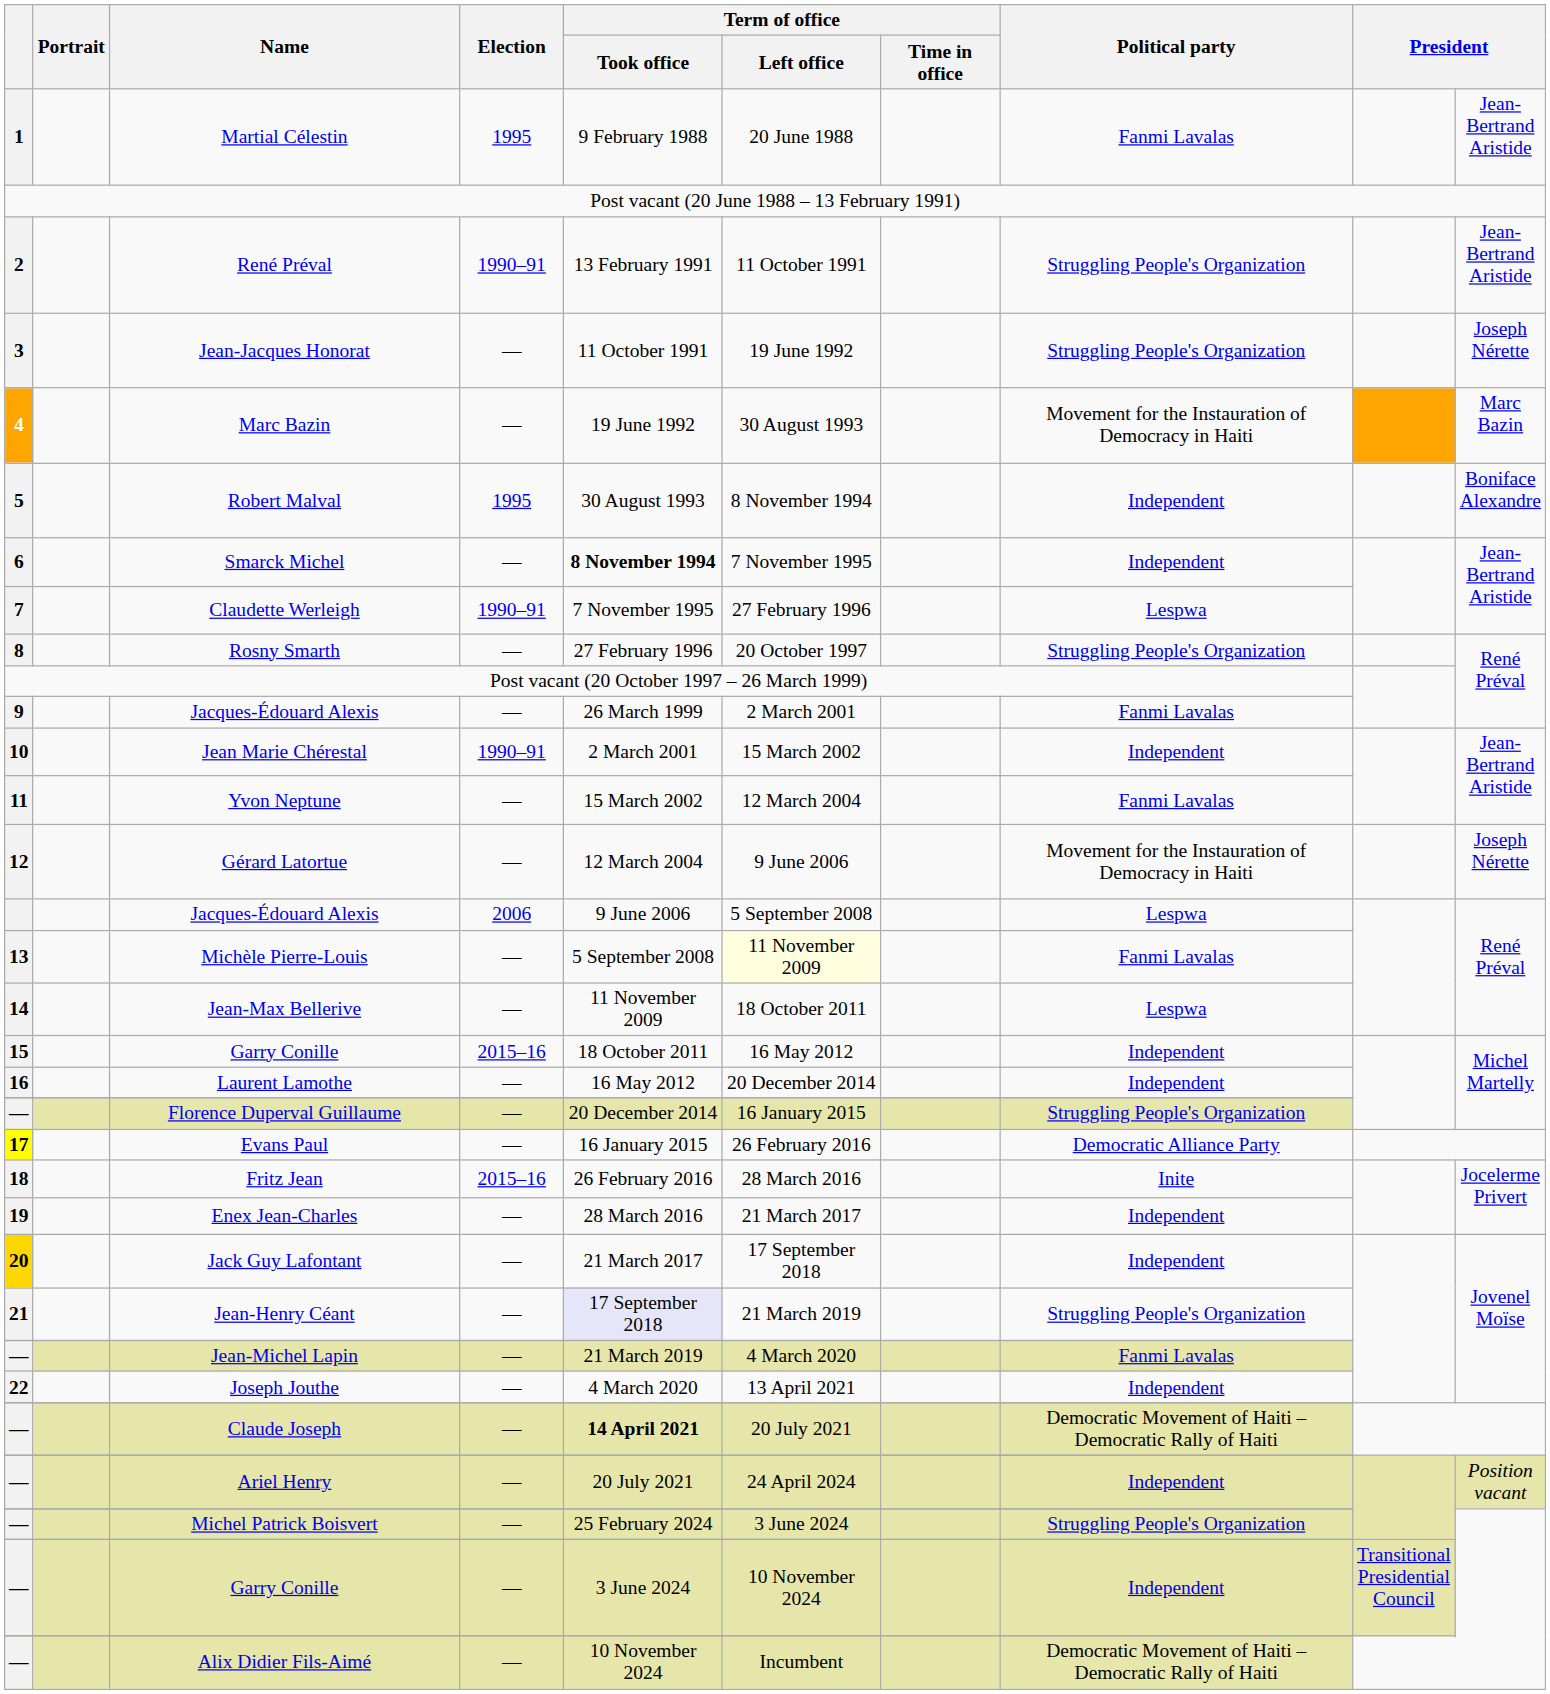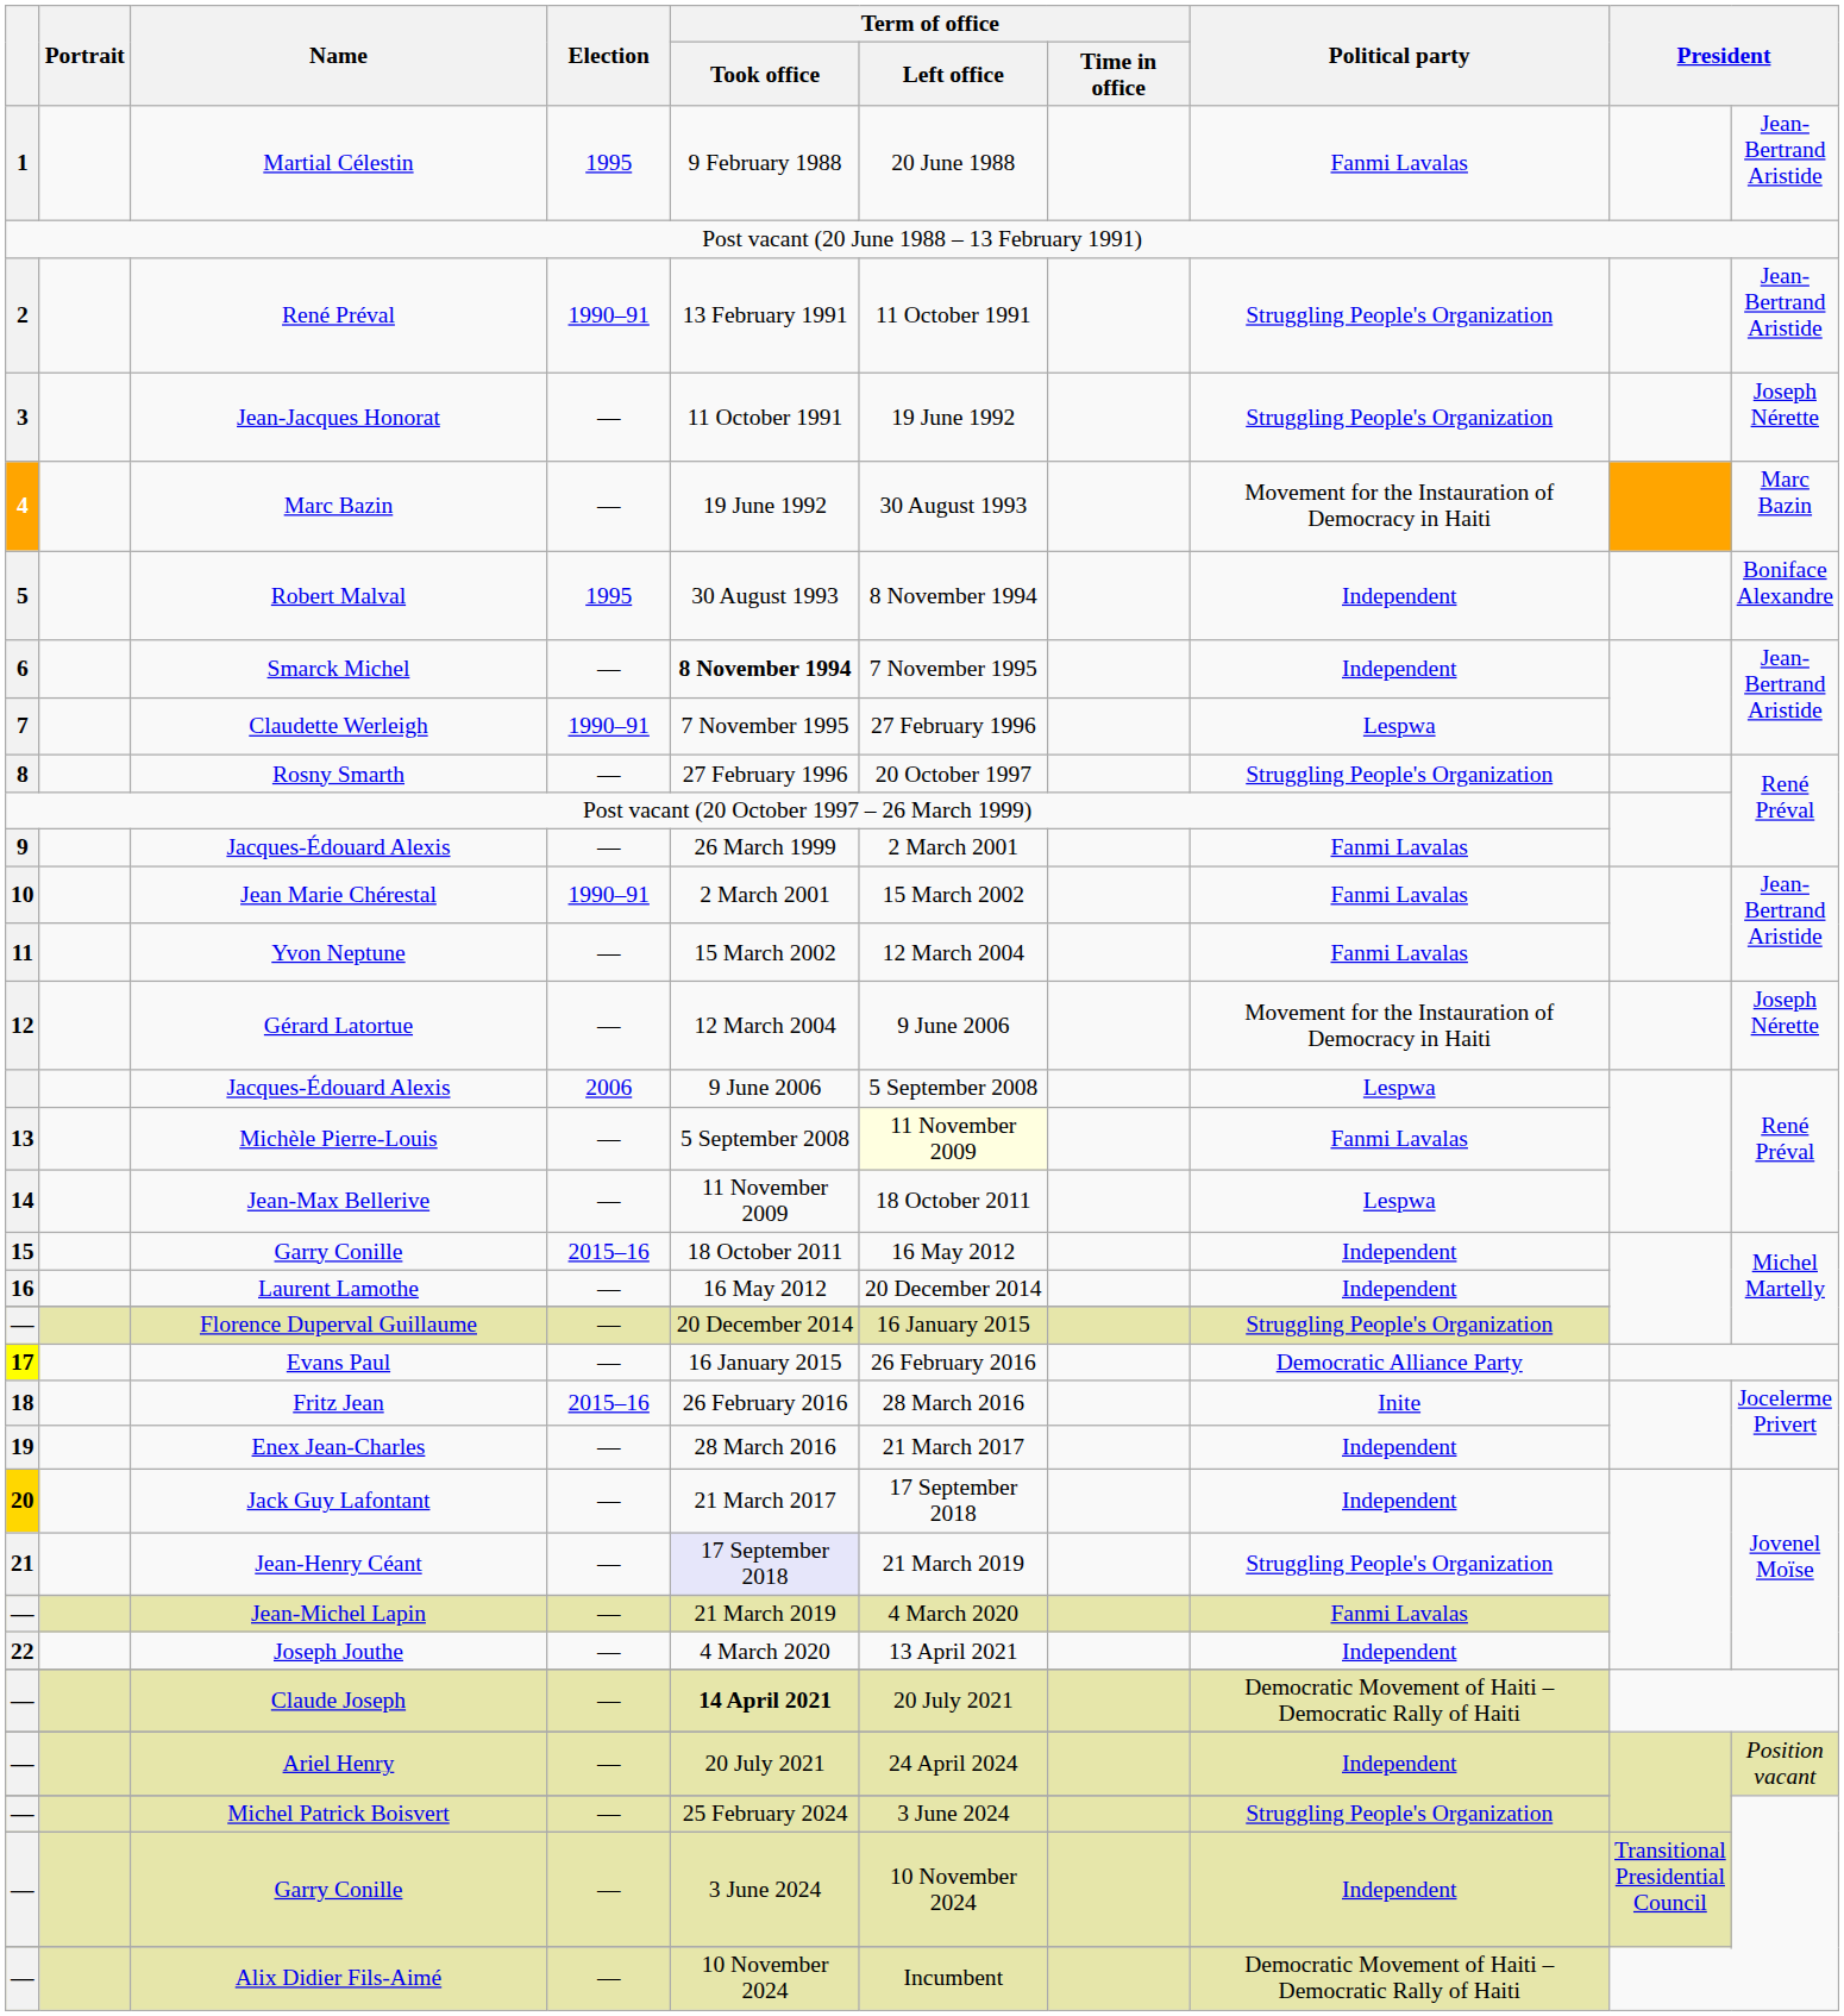 <table class="wikitable" style="width:100%; text-align:center;">
 <tr>
 <th rowspan="2" width="30"></th>
 <th rowspan="2" width="100">Portrait</th>
 <th rowspan="2" width="25%">Name<br></th>
 <th rowspan="2" width="7%">Election</th>
 <th colspan="3" width="30%">Term of office</th>
 <th rowspan="2" width="25%">Political party</th>
 <th rowspan="2" colspan="2"><a href='#'>President</a><br></th>
 </tr>
 <tr>
 <th>Took office</th>
 <th>Left office</th>
 <th>Time in office</th>
 </tr>
 <tr>
 <th style="background:">1</th>
 <td></td>
 <td><a href='#'>Martial Célestin</a><br></td>
 <td><a href='#'>1995</a></td>
 <td>9 February 1988</td>
 <td>20 June 1988<br></td>
 <td></td>
 <td><a href='#'>Fanmi Lavalas</a></td>
 <td style="background:"></td>
 <td><a href='#'>Jean-Bertrand Aristide</a><br><br></td>
 </tr>
 <tr>
 <td colspan="10">Post vacant (20 June 1988 – 13 February 1991)</td>
 </tr>
 <tr>
 <th style="background:">2</th>
 <td></td>
 <td><a href='#'>René Préval</a><br></td>
 <td><a href='#'>1990–91</a></td>
 <td>13 February 1991</td>
 <td>11 October 1991<br></td>
 <td></td>
 <td><a href='#'>Struggling People's Organization</a></td>
 <td style="background:"></td>
 <td><a href='#'>Jean-Bertrand Aristide</a><br><br></td>
 </tr>
 <tr>
 <th style="background:">3</th>
 <td></td>
 <td><a href='#'>Jean-Jacques Honorat</a><br></td>
 <td>—</td>
 <td>11 October 1991</td>
 <td>19 June 1992</td>
 <td></td>
 <td><a href='#'>Struggling People's Organization</a></td>
 <td style="background:"></td>
 <td><a href='#'>Joseph Nérette</a><br><br></td>
 </tr>
 <tr>
 <th style="background:Orange; color:white;">4</th>
 <td></td>
 <td><a href='#'>Marc Bazin</a><br></td>
 <td>—</td>
 <td>19 June 1992</td>
 <td>30 August 1993</td>
 <td></td>
 <td>Movement for the Instauration of Democracy in Haiti</td>
 <td style="background:Orange;"></td>
 <td><a href='#'>Marc Bazin</a><br><br></td>
 </tr>
 <tr>
 <th style="background:">5</th>
 <td></td>
 <td><a href='#'>Robert Malval</a><br></td>
 <td><a href='#'>1995</a></td>
 <td>30 August 1993</td>
 <td>8 November 1994</td>
 <td></td>
 <td><a href='#'>Independent</a></td>
 <td style="background:"></td>
 <td><a href='#'>Boniface Alexandre</a><br><br></td>
 </tr>
 <tr>
 <th style="background:">6</th>
 <td></td>
 <td><a href='#'>Smarck Michel</a><br></td>
 <td>—</td>
 <td><strong>8 November 1994</strong></td>
 <td>7 November 1995</td>
 <td></td>
 <td><a href='#'>Independent</a></td>
 <td rowspan="2" style="background:"></td>
 <td rowspan="2"><a href='#'>Jean-Bertrand Aristide</a><br><br></td>
 </tr>
 <tr>
 <th style="background:">7</th>
 <td></td>
 <td><a href='#'>Claudette Werleigh</a><br></td>
 <td><a href='#'>1990–91</a></td>
 <td>7 November 1995</td>
 <td>27 February 1996</td>
 <td></td>
 <td><a href='#'>Lespwa</a></td>
 </tr>
 <tr>
 <th style="background:">8</th>
 <td></td>
 <td><a href='#'>Rosny Smarth</a><br></td>
 <td>—</td>
 <td>27 February 1996</td>
 <td>20 October 1997</td>
 <td></td>
 <td><a href='#'>Struggling People's Organization</a></td>
 <td style="background:"></td>
 <td rowspan="3"><a href='#'>René Préval</a><br><br></td>
 </tr>
 <tr>
 <td colspan="8">Post vacant (20 October 1997 – 26 March 1999)</td>
 <td rowspan="2" style="background:"></td>
 </tr>
 <tr>
 <th style="background:">9</th>
 <td></td>
 <td><a href='#'>Jacques-Édouard Alexis</a><br></td>
 <td>—</td>
 <td>26 March 1999</td>
 <td>2 March 2001</td>
 <td></td>
 <td><a href='#'>Fanmi Lavalas</a></td>
 </tr>
 <tr>
 <th style="background:">10</th>
 <td></td>
 <td><a href='#'>Jean Marie Chérestal</a><br></td>
 <td><a href='#'>1990–91</a></td>
 <td>2 March 2001</td>
 <td>15 March 2002</td>
 <td></td>
-<td><a href='#'>Independent</a></td>
+<td><a href='#'>Fanmi Lavalas</a></td>
 <td rowspan="2" style="background:"></td>
 <td rowspan="2"><a href='#'>Jean-Bertrand Aristide</a><br><br></td>
 </tr>
 <tr>
 <th style="background:">11</th>
 <td></td>
 <td><a href='#'>Yvon Neptune</a><br></td>
 <td>—</td>
 <td>15 March 2002</td>
 <td>12 March 2004<br></td>
 <td></td>
 <td><a href='#'>Fanmi Lavalas</a></td>
 </tr>
 <tr>
 <th style="background:">12</th>
 <td></td>
 <td><a href='#'>Gérard Latortue</a><br></td>
 <td>—</td>
 <td>12 March 2004</td>
 <td>9 June 2006</td>
 <td></td>
 <td>Movement for the Instauration of Democracy in Haiti</td>
 <td style="background:"></td>
 <td><a href='#'>Joseph Nérette</a><br><br></td>
 </tr>
 <tr>
 <th style="background:"></th>
 <td></td>
 <td><a href='#'>Jacques-Édouard Alexis</a><br></td>
 <td><a href='#'>2006</a></td>
 <td>9 June 2006</td>
 <td>5 September 2008</td>
 <td></td>
 <td><a href='#'>Lespwa</a></td>
 <td rowspan="3" style="background:"></td>
 <td rowspan="3"><a href='#'>René Préval</a><br><br></td>
 </tr>
 <tr>
 <th style="background:">13</th>
 <td></td>
 <td><a href='#'>Michèle Pierre-Louis</a><br></td>
 <td>—</td>
 <td>5 September 2008</td>
 <td style="background: lightyellow;">11 November 2009</td>
 <td></td>
 <td><a href='#'>Fanmi Lavalas</a></td>
 </tr>
 <tr>
 <th style="background:">14</th>
 <td></td>
 <td><a href='#'>Jean-Max Bellerive</a><br></td>
 <td>—</td>
 <td>11 November 2009</td>
 <td>18 October 2011</td>
 <td></td>
 <td><a href='#'>Lespwa</a></td>
 </tr>
 <tr>
 <th style="background:">15</th>
 <td></td>
 <td><a href='#'>Garry Conille</a><br></td>
 <td><a href='#'>2015–16</a></td>
 <td>18 October 2011</td>
 <td>16 May 2012</td>
 <td></td>
 <td><a href='#'>Independent</a></td>
 <td rowspan="4" style="background:"></td>
 <td rowspan="4"><a href='#'>Michel Martelly</a><br><br></td>
 </tr>
 <tr>
 <th style="background:">16</th>
 <td></td>
 <td><a href='#'>Laurent Lamothe</a><br></td>
 <td>—</td>
 <td>16 May 2012</td>
 <td>20 December 2014</td>
 <td></td>
 <td><a href='#'>Independent</a></td>
 </tr>
 <tr>
 </tr>
 <tr style="background:#E6E6AA">
 <th style="background:">—</th>
 <td></td>
 <td><a href='#'>Florence Duperval Guillaume</a><br></td>
 <td>—</td>
 <td>20 December 2014</td>
 <td>16 January 2015</td>
 <td></td>
 <td><a href='#'>Struggling People's Organization</a></td>
 </tr>
 <tr>
 <th style="background:Yellow; color:black;">17</th>
 <td></td>
 <td><a href='#'>Evans Paul</a><br></td>
 <td>—</td>
 <td>16 January 2015</td>
 <td>26 February 2016</td>
 <td></td>
 <td><a href='#'>Democratic Alliance Party</a></td>
 </tr>
 <tr>
 <th style="background:">18</th>
 <td></td>
 <td><a href='#'>Fritz Jean</a><br></td>
 <td><a href='#'>2015–16</a></td>
 <td>26 February 2016</td>
 <td>28 March 2016</td>
 <td></td>
 <td><a href='#'>Inite</a></td>
 <td rowspan="2" style="background:"></td>
 <td rowspan="2"><a href='#'>Jocelerme Privert</a><br><br></td>
 </tr>
 <tr>
 <th style="background:">19</th>
 <td></td>
 <td><a href='#'>Enex Jean-Charles</a><br></td>
 <td>—</td>
 <td>28 March 2016</td>
 <td>21 March 2017</td>
 <td></td>
 <td><a href='#'>Independent</a></td>
 </tr>
 <tr>
 <th style="background:Gold; color:black;">20</th>
 <td></td>
 <td><a href='#'>Jack Guy Lafontant</a><br></td>
 <td>—</td>
 <td>21 March 2017</td>
 <td>17 September 2018</td>
 <td></td>
 <td><a href='#'>Independent</a></td>
 <td rowspan="5" style="background:"></td>
 <td rowspan="5"><a href='#'>Jovenel Moïse</a><br><br></td>
 </tr>
 <tr>
 <th style="background:">21</th>
 <td></td>
 <td><a href='#'>Jean-Henry Céant</a><br></td>
 <td>—</td>
 <td style="background: lavender;">17 September 2018</td>
 <td>21 March 2019</td>
 <td></td>
 <td><a href='#'>Struggling People's Organization</a></td>
 </tr>
 <tr>
 </tr>
 <tr style="background:#E6E6AA">
 <th style="background:">—</th>
 <td></td>
 <td><a href='#'>Jean-Michel Lapin</a><br></td>
 <td>—</td>
 <td>21 March 2019</td>
 <td>4 March 2020</td>
 <td></td>
 <td><a href='#'>Fanmi Lavalas</a></td>
 </tr>
 <tr>
 <th style="background:">22</th>
 <td></td>
 <td><a href='#'>Joseph Jouthe</a><br></td>
 <td>—</td>
 <td>4 March 2020</td>
 <td>13 April 2021</td>
 <td></td>
 <td><a href='#'>Independent</a></td>
 </tr>
 <tr>
 </tr>
 <tr style="background:#E6E6AA">
 <th style="background:">—</th>
 <td></td>
 <td><a href='#'>Claude Joseph</a><br></td>
 <td>—</td>
 <td><strong>14 April 2021</strong></td>
 <td>20 July 2021</td>
 <td></td>
 <td>Democratic Movement of Haiti –<br>Democratic Rally of Haiti</td>
 </tr>
 <tr>
 </tr>
 <tr style="background:#E6E6AA">
 <th style="background:">—</th>
 <td></td>
 <td><a href='#'>Ariel Henry</a><br></td>
 <td>—</td>
 <td>20 July 2021</td>
 <td>24 April 2024</td>
 <td></td>
 <td><a href='#'>Independent</a></td>
 <td rowspan="4" style="background:"></td>
 <td rowspan="2"><em>Position vacant</em><br></td>
 </tr>
 <tr>
 </tr>
 <tr style="background:#E6E6AA">
 <th style="background:">—</th>
 <td></td>
 <td><a href='#'>Michel Patrick Boisvert</a><br></td>
 <td>—</td>
 <td>25 February 2024</td>
 <td>3 June 2024</td>
 <td></td>
 <td><a href='#'>Struggling People's Organization</a></td>
 </tr>
 <tr>
 </tr>
 <tr style="background:#E6E6AA">
 <th style="background:">—</th>
 <td></td>
 <td><a href='#'>Garry Conille</a><br></td>
 <td>—</td>
 <td>3 June 2024</td>
 <td>10 November 2024</td>
 <td></td>
 <td><a href='#'>Independent</a></td>
 <td rowspan="2"><a href='#'>Transitional Presidential Council</a><br><br></td>
 </tr>
 <tr>
 </tr>
 <tr style="background:#E6E6AA">
 <th style="background:">—</th>
 <td></td>
 <td><a href='#'>Alix Didier Fils-Aimé</a><br></td>
 <td>—</td>
 <td>10 November 2024</td>
 <td>Incumbent</td>
 <td></td>
 <td>Democratic Movement of Haiti –<br>Democratic Rally of Haiti</td>
 </tr>
 </table>
